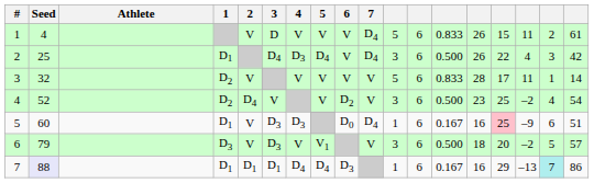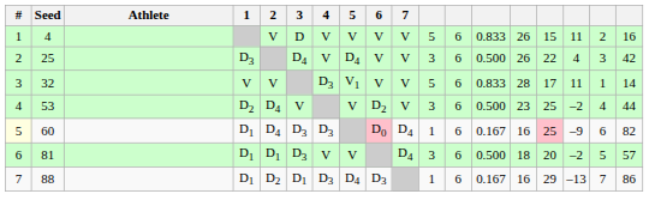 <table class="wikitable" style="text-align:center">
 <tr>
 <th width="25">#</th>
 <th width="25">Seed</th>
 <th width="200">Athlete</th>
 <th width="25">1</th>
 <th width="25">2</th>
 <th width="25">3</th>
 <th width="25">4</th>
 <th width="25">5</th>
 <th width="25">6</th>
 <th width="25">7</th>
 <th width="25"></th>
 <th width="25"></th>
 <th width="40"></th>
 <th width="25"></th>
 <th width="25"></th>
 <th width="25"></th>
 <th width="25"></th>
 <th width="25"></th>
 </tr>
 <tr bgcolor="ccffcc">
 <td>1</td>
 <td>4</td>
 <td align=left></td>
 <td bgcolor="#cccccc"></td>
 <td>V</td>
 <td>D</td>
 <td>V</td>
 <td>V</td>
 <td>V</td>
-<td>D<sub>4</sub></td>
+<td>V</td>
 <td>5</td>
 <td>6</td>
 <td>0.833</td>
 <td>26</td>
 <td>15</td>
 <td>11</td>
 <td>2</td>
-<td>61</td>
+<td>16</td>
 </tr>
 <tr bgcolor="ccffcc">
 <td>2</td>
 <td>25</td>
 <td align=left></td>
-<td>D<sub>1</sub></td>
+<td>D<sub>3</sub></td>
 <td bgcolor="#cccccc"></td>
-<td>D<sub>4</sub></td>
-<td>D<sub>3</sub></td>
 <td>D<sub>4</sub></td>
 <td>V</td>
 <td>D<sub>4</sub></td>
+<td>V</td>
+<td>V</td>
 <td>3</td>
 <td>6</td>
 <td>0.500</td>
 <td>26</td>
 <td>22</td>
 <td>4</td>
 <td>3</td>
 <td>42</td>
 </tr>
 <tr bgcolor="ccffcc">
 <td>3</td>
 <td>32</td>
 <td align=left></td>
-<td>D<sub>2</sub></td>
+<td>V</td>
 <td>V</td>
 <td bgcolor="#cccccc"></td>
-<td>V</td>
-<td>V</td>
+<td>D<sub>3</sub></td>
+<td>V<sub>1</sub></td>
 <td>V</td>
 <td>V</td>
 <td>5</td>
 <td>6</td>
 <td>0.833</td>
 <td>28</td>
 <td>17</td>
 <td>11</td>
 <td>1</td>
 <td>14</td>
 </tr>
 <tr bgcolor="ccffcc">
 <td>4</td>
-<td>52</td>
+<td>53</td>
 <td align=left></td>
 <td>D<sub>2</sub></td>
 <td>D<sub>4</sub></td>
 <td>V</td>
 <td bgcolor="#cccccc"></td>
 <td>V</td>
 <td>D<sub>2</sub></td>
 <td>V</td>
 <td>3</td>
 <td>6</td>
 <td>0.500</td>
 <td>23</td>
 <td>25</td>
 <td>–2</td>
 <td>4</td>
-<td>54</td>
+<td>44</td>
 </tr>
 <tr>
-<td>5</td>
+<td style="background: lightyellow;">5</td>
 <td>60</td>
 <td align=left></td>
 <td>D<sub>1</sub></td>
-<td>V</td>
+<td>D<sub>4</sub></td>
 <td>D<sub>3</sub></td>
 <td>D<sub>3</sub></td>
 <td bgcolor="#cccccc"></td>
-<td>D<sub>0</sub></td>
+<td style="background: pink;">D<sub>0</sub></td>
 <td>D<sub>4</sub></td>
 <td>1</td>
 <td>6</td>
 <td>0.167</td>
 <td>16</td>
 <td style="background: pink;">25</td>
 <td>–9</td>
 <td>6</td>
-<td>51</td>
+<td>82</td>
 </tr>
 <tr bgcolor="ccffcc">
 <td>6</td>
-<td>79</td>
+<td>81</td>
 <td align=left></td>
+<td>D<sub>1</sub></td>
+<td>D<sub>1</sub></td>
 <td>D<sub>3</sub></td>
 <td>V</td>
-<td>D<sub>3</sub></td>
 <td>V</td>
-<td>V<sub>1</sub></td>
 <td bgcolor="#cccccc"></td>
-<td>V</td>
+<td>D<sub>4</sub></td>
 <td>3</td>
 <td>6</td>
 <td>0.500</td>
 <td>18</td>
 <td>20</td>
 <td>–2</td>
 <td>5</td>
 <td>57</td>
 </tr>
 <tr>
 <td>7</td>
-<td style="background: lavender;">88</td>
+<td>88</td>
 <td align=left></td>
 <td>D<sub>1</sub></td>
+<td>D<sub>2</sub></td>
 <td>D<sub>1</sub></td>
-<td>D<sub>1</sub></td>
-<td>D<sub>4</sub></td>
+<td>D<sub>3</sub></td>
 <td>D<sub>4</sub></td>
 <td>D<sub>3</sub></td>
 <td bgcolor="#cccccc"></td>
 <td>1</td>
 <td>6</td>
 <td>0.167</td>
 <td>16</td>
 <td>29</td>
 <td>–13</td>
-<td style="background: paleturquoise;">7</td>
+<td>7</td>
 <td>86</td>
 </tr>
 </table>
